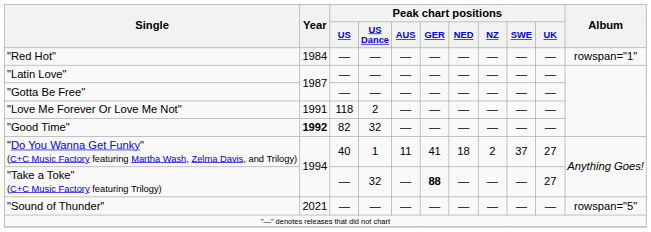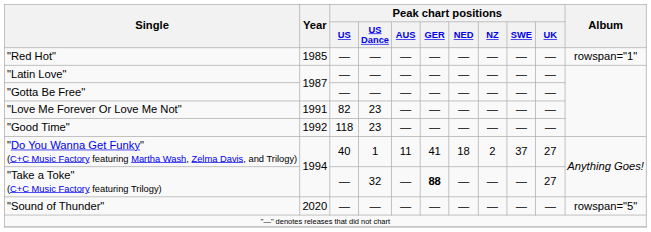 <table class="wikitable" style="text-align:center;">
 <tr>
 <th rowspan="2">Single</th>
 <th rowspan="2">Year</th>
 <th colspan="8">Peak chart positions</th>
 <th rowspan="2">Album</th>
 </tr>
 <tr style="font-size:smaller;">
 <th width="35"><a href='#'>US</a><br></th>
 <th width="35"><a href='#'>US<br>Dance</a><br></th>
 <th width="35"><a href='#'>AUS</a><br></th>
 <th width="35"><a href='#'>GER</a><br></th>
 <th width="35"><a href='#'>NED</a><br></th>
 <th width="35"><a href='#'>NZ</a><br></th>
 <th width="35"><a href='#'>SWE</a><br></th>
 <th width="35"><a href='#'>UK</a></th>
 </tr>
 <tr>
 <td align="left">"Red Hot"</td>
-<td>1984</td>
+<td>1985</td>
 <td>—</td>
 <td>—</td>
 <td>—</td>
 <td>—</td>
 <td>—</td>
 <td>—</td>
 <td>—</td>
 <td>—</td>
 <td>rowspan="1" </td>
 </tr>
 <tr>
 <td align="left">"Latin Love"</td>
 <td rowspan="2">1987</td>
 <td>—</td>
 <td>—</td>
 <td>—</td>
 <td>—</td>
 <td>—</td>
 <td>—</td>
 <td>—</td>
 <td>—</td>
 </tr>
 <tr>
 <td align="left">"Gotta Be Free"</td>
 <td>—</td>
 <td>—</td>
 <td>—</td>
 <td>—</td>
 <td>—</td>
 <td>—</td>
 <td>—</td>
 <td>—</td>
 </tr>
 <tr>
 <td align="left">"Love Me Forever Or Love Me Not"</td>
 <td>1991</td>
-<td>118</td>
-<td>2</td>
+<td>82</td>
+<td>23</td>
 <td>—</td>
 <td>—</td>
 <td>—</td>
 <td>—</td>
 <td>—</td>
 <td>—</td>
 </tr>
 <tr>
 <td align="left">"Good Time"</td>
-<td><strong>1992</strong></td>
-<td>82</td>
-<td>32</td>
+<td>1992</td>
+<td>118</td>
+<td>23</td>
 <td>—</td>
 <td>—</td>
 <td>—</td>
 <td>—</td>
 <td>—</td>
 <td>—</td>
 </tr>
 <tr>
 <td align="left">"<a href='#'>Do You Wanna Get Funky</a>"<br><small>(<a href='#'>C+C Music Factory</a> featuring <a href='#'>Martha Wash</a>, <a href='#'>Zelma Davis</a>, and Trilogy)</small></td>
 <td rowspan="2">1994</td>
 <td>40</td>
 <td>1</td>
 <td>11</td>
 <td>41</td>
 <td>18</td>
 <td>2</td>
 <td>37</td>
 <td>27</td>
 <td align="left" rowspan="2"><em>Anything Goes!</em></td>
 </tr>
 <tr>
 <td align="left">"Take a Toke"<br><small>(<a href='#'>C+C Music Factory</a> featuring Trilogy)</small></td>
 <td>—</td>
 <td>32</td>
 <td>—</td>
 <td><strong>88</strong></td>
 <td>—</td>
 <td>—</td>
 <td>—</td>
 <td>27</td>
 </tr>
 <tr>
 <td align="left">"Sound of Thunder"</td>
-<td>2021</td>
+<td>2020</td>
 <td>—</td>
 <td>—</td>
 <td>—</td>
 <td>—</td>
 <td>—</td>
 <td>—</td>
 <td>—</td>
 <td>—</td>
 <td>rowspan="5" </td>
 </tr>
 <tr>
 <td colspan="20" style="font-size:8pt">"—" denotes releases that did not chart</td>
 </tr>
 <tr>
 </tr>
 </table>
